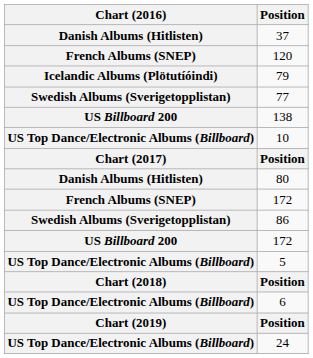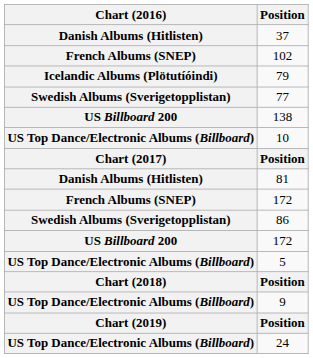 <table class="wikitable sortable plainrowheaders" style="text-align:center">
 <tr>
 <th scope="col">Chart (2016)</th>
 <th scope="col">Position</th>
 </tr>
 <tr>
 <th scope="row">Danish Albums (Hitlisten)</th>
 <td>37</td>
 </tr>
 <tr>
 <th scope="row">French Albums (SNEP)</th>
-<td>120</td>
+<td>102</td>
 </tr>
 <tr>
 <th scope="row">Icelandic Albums (Plötutíóindi)</th>
 <td>79</td>
 </tr>
 <tr>
 <th scope="row">Swedish Albums (Sverigetopplistan)</th>
 <td>77</td>
 </tr>
 <tr>
 <th scope="row">US <em>Billboard</em> 200</th>
 <td>138</td>
 </tr>
 <tr>
 <th scope="row">US Top Dance/Electronic Albums (<em>Billboard</em>)</th>
 <td>10</td>
 </tr>
 <tr>
 <th scope="col">Chart (2017)</th>
 <th scope="col">Position</th>
 </tr>
 <tr>
 <th scope="row">Danish Albums (Hitlisten)</th>
-<td>80</td>
+<td>81</td>
 </tr>
 <tr>
 <th scope="row">French Albums (SNEP)</th>
 <td>172</td>
 </tr>
 <tr>
 <th scope="row">Swedish Albums (Sverigetopplistan)</th>
 <td>86</td>
 </tr>
 <tr>
 <th scope="row">US <em>Billboard</em> 200</th>
 <td>172</td>
 </tr>
 <tr>
 <th scope="row">US Top Dance/Electronic Albums (<em>Billboard</em>)</th>
 <td>5</td>
 </tr>
 <tr>
 <th scope="col">Chart (2018)</th>
 <th scope="col">Position</th>
 </tr>
 <tr>
 <th scope="row">US Top Dance/Electronic Albums (<em>Billboard</em>)</th>
-<td>6</td>
+<td>9</td>
 </tr>
 <tr>
 <th scope="col">Chart (2019)</th>
 <th scope="col">Position</th>
 </tr>
 <tr>
 <th scope="row">US Top Dance/Electronic Albums (<em>Billboard</em>)</th>
 <td>24</td>
 </tr>
 </table>
